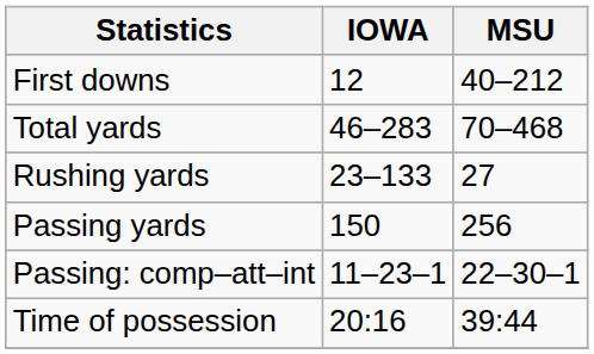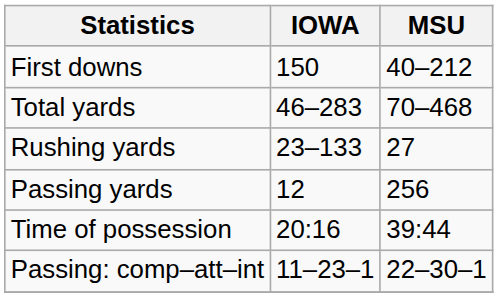 <table class="wikitable" style="float: left;">
 <tr>
 <th>Statistics</th>
 <th>IOWA</th>
 <th>MSU</th>
 </tr>
 <tr>
 <td>First downs</td>
-<td>12</td>
+<td>150</td>
 <td>40–212</td>
 </tr>
 <tr>
 <td>Total yards</td>
 <td>46–283</td>
 <td>70–468</td>
 </tr>
 <tr>
 <td>Rushing yards</td>
 <td>23–133</td>
 <td>27</td>
 </tr>
 <tr>
 <td>Passing yards</td>
-<td>150</td>
+<td>12</td>
 <td>256</td>
+</tr>
+<tr>
+<td>Time of possession</td>
+<td>20:16</td>
+<td>39:44</td>
 </tr>
 <tr>
 <td>Passing: comp–att–int</td>
 <td>11–23–1</td>
 <td>22–30–1</td>
 </tr>
 <tr>
-<td>Time of possession</td>
-<td>20:16</td>
-<td>39:44</td>
-</tr>
-<tr>
 </tr>
 </table>
